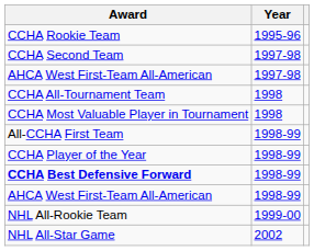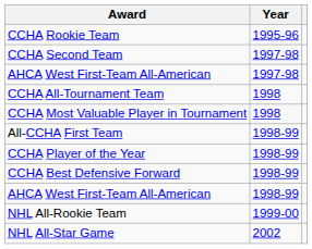 <table class="wikitable">
 <tr>
 <th>Award</th>
 <th>Year</th>
 <th></th>
 </tr>
 <tr>
 <td><a href='#'>CCHA</a> <a href='#'>Rookie Team</a></td>
 <td><a href='#'>1995-96</a></td>
 <td></td>
 </tr>
 <tr>
 <td><a href='#'>CCHA</a> <a href='#'>Second Team</a></td>
 <td><a href='#'>1997-98</a></td>
 <td></td>
 </tr>
 <tr>
 <td><a href='#'>AHCA</a> <a href='#'>West First-Team All-American</a></td>
 <td><a href='#'>1997-98</a></td>
 <td></td>
 </tr>
 <tr>
 <td><a href='#'>CCHA</a> <a href='#'>All-Tournament Team</a></td>
 <td><a href='#'>1998</a></td>
 <td></td>
 </tr>
 <tr>
 <td><a href='#'>CCHA</a> <a href='#'>Most Valuable Player in Tournament</a></td>
 <td><a href='#'>1998</a></td>
 <td></td>
 </tr>
 <tr>
 <td>All-<a href='#'>CCHA</a> <a href='#'>First Team</a></td>
 <td><a href='#'>1998-99</a></td>
 <td></td>
 </tr>
 <tr>
 <td><a href='#'>CCHA</a> <a href='#'>Player of the Year</a></td>
 <td><a href='#'>1998-99</a></td>
 <td></td>
 </tr>
 <tr>
-<td><strong><a href='#'>CCHA</a> <a href='#'>Best Defensive Forward</a></strong></td>
+<td><a href='#'>CCHA</a> <a href='#'>Best Defensive Forward</a></td>
 <td><a href='#'>1998-99</a></td>
 <td></td>
 </tr>
 <tr>
 <td><a href='#'>AHCA</a> <a href='#'>West First-Team All-American</a></td>
 <td><a href='#'>1998-99</a></td>
 <td></td>
 </tr>
 <tr>
 <td><a href='#'>NHL</a> All-Rookie Team</td>
 <td><a href='#'>1999-00</a></td>
 <td></td>
 </tr>
 <tr>
 <td><a href='#'>NHL</a> <a href='#'>All-Star Game</a></td>
 <td><a href='#'>2002</a></td>
 <td></td>
 </tr>
 </table>
